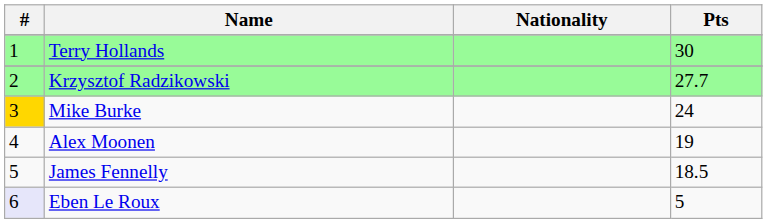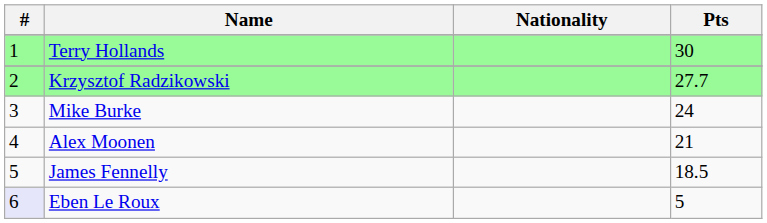 <table class="wikitable" style="display: inline-table; width: 50%;">
 <tr>
 <th>#</th>
 <th>Name</th>
 <th>Nationality</th>
 <th>Pts</th>
 </tr>
 <tr>
 </tr>
 <tr style="background:palegreen;">
 <td>1</td>
 <td><a href='#'>Terry Hollands</a></td>
 <td></td>
 <td>30</td>
 </tr>
 <tr>
 </tr>
 <tr style="background:palegreen;">
 <td>2</td>
 <td><a href='#'>Krzysztof Radzikowski</a></td>
 <td></td>
 <td>27.7</td>
 </tr>
 <tr>
-<td style="background: gold;">3</td>
+<td>3</td>
 <td><a href='#'>Mike Burke</a></td>
 <td></td>
 <td>24</td>
 </tr>
 <tr>
 <td>4</td>
 <td><a href='#'>Alex Moonen</a></td>
 <td></td>
-<td>19</td>
+<td>21</td>
 </tr>
 <tr>
 <td>5</td>
 <td><a href='#'>James Fennelly</a></td>
 <td></td>
 <td>18.5</td>
 </tr>
 <tr>
 <td style="background: lavender;">6</td>
 <td><a href='#'>Eben Le Roux</a></td>
 <td></td>
 <td>5</td>
 </tr>
 </table>
